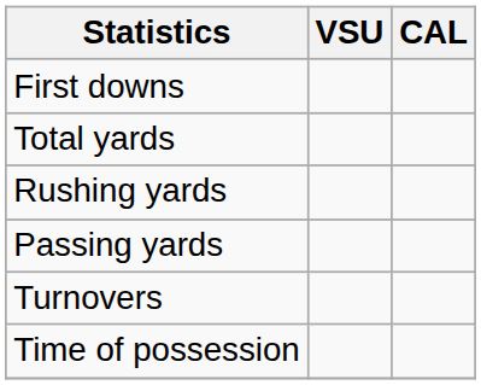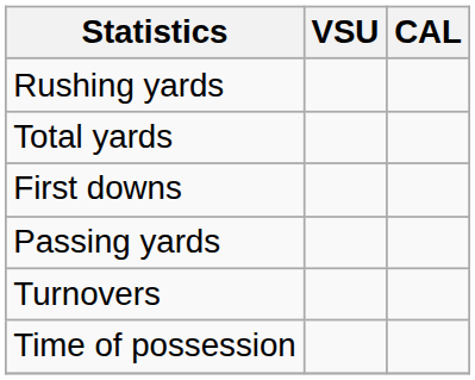 <table class="wikitable" style="float: left;">
 <tr>
 <th>Statistics</th>
 <th>VSU</th>
 <th>CAL</th>
 </tr>
 <tr>
-<td>First downs</td>
+<td>Rushing yards</td>
 <td></td>
 <td></td>
 </tr>
 <tr>
 <td>Total yards</td>
 <td></td>
 <td></td>
 </tr>
 <tr>
-<td>Rushing yards</td>
+<td>First downs</td>
 <td></td>
 <td></td>
 </tr>
 <tr>
 <td>Passing yards</td>
 <td></td>
 <td></td>
 </tr>
 <tr>
 <td>Turnovers</td>
 <td></td>
 <td></td>
 </tr>
 <tr>
 <td>Time of possession</td>
 <td></td>
 <td></td>
 </tr>
 <tr>
 </tr>
 </table>
